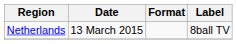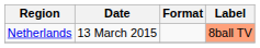 <table class=wikitable>
 <tr>
 <th>Region</th>
 <th>Date</th>
 <th>Format</th>
 <th>Label</th>
 </tr>
 <tr>
 <td><a href='#'>Netherlands</a></td>
 <td>13 March 2015</td>
 <td></td>
-<td>8ball TV</td>
+<td style="background: lightsalmon;">8ball TV</td>
 </tr>
 <tr>
 </tr>
 </table>
